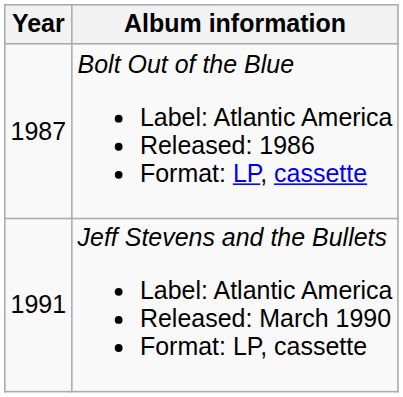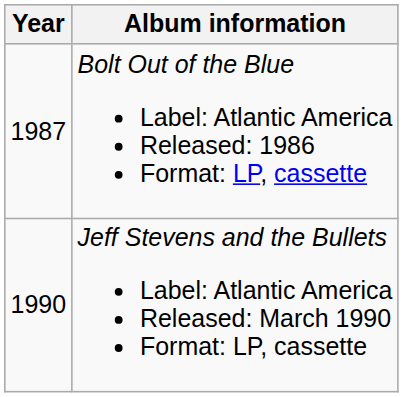 <table class="wikitable">
 <tr>
 <th>Year</th>
 <th>Album information</th>
 </tr>
 <tr>
 <td>1987</td>
 <td><em>Bolt Out of the Blue</em><br><ul><li>Label: Atlantic America</li><li>Released: 1986</li><li>Format: <a href='#'>LP</a>, <a href='#'>cassette</a></li></ul></td>
 </tr>
 <tr>
-<td>1991</td>
+<td>1990</td>
 <td><em>Jeff Stevens and the Bullets</em><br><ul><li>Label: Atlantic America</li><li>Released: March 1990</li><li>Format: LP, cassette</li></ul></td>
 </tr>
 </table>
